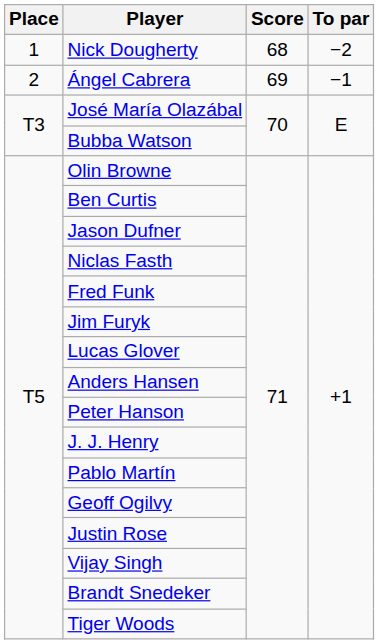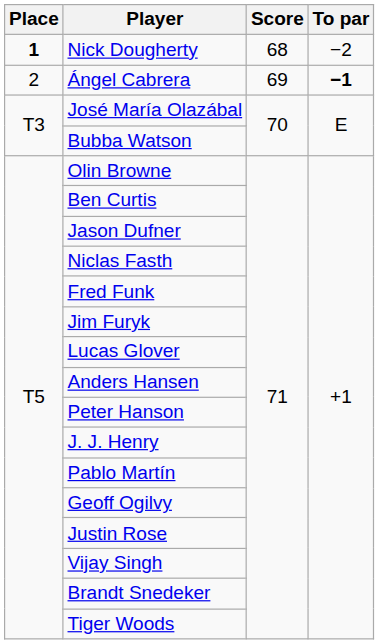 <table class="wikitable">
 <tr>
 <th>Place</th>
 <th>Player</th>
 <th>Score</th>
 <th>To par</th>
 </tr>
 <tr>
-<td align=center>1</td>
+<td align=center><strong>1</strong></td>
 <td> <a href='#'>Nick Dougherty</a></td>
 <td align=center>68</td>
 <td align=center>−2</td>
 </tr>
 <tr>
 <td align=center>2</td>
 <td> <a href='#'>Ángel Cabrera</a></td>
 <td align=center>69</td>
-<td align=center>−1</td>
+<td align=center><strong>−1</strong></td>
 </tr>
 <tr>
 <td rowspan="2" align=center>T3</td>
 <td> <a href='#'>José María Olazábal</a></td>
 <td rowspan="2" align=center>70</td>
 <td rowspan="2" align=center>E</td>
 </tr>
 <tr>
 <td> <a href='#'>Bubba Watson</a></td>
 </tr>
 <tr>
 <td rowspan="16" align=center>T5</td>
 <td> <a href='#'>Olin Browne</a></td>
 <td rowspan="16" align=center>71</td>
 <td rowspan="16" align=center>+1</td>
 </tr>
 <tr>
 <td> <a href='#'>Ben Curtis</a></td>
 </tr>
 <tr>
 <td> <a href='#'>Jason Dufner</a></td>
 </tr>
 <tr>
 <td> <a href='#'>Niclas Fasth</a></td>
 </tr>
 <tr>
 <td> <a href='#'>Fred Funk</a></td>
 </tr>
 <tr>
 <td> <a href='#'>Jim Furyk</a></td>
 </tr>
 <tr>
 <td> <a href='#'>Lucas Glover</a></td>
 </tr>
 <tr>
 <td> <a href='#'>Anders Hansen</a></td>
 </tr>
 <tr>
 <td> <a href='#'>Peter Hanson</a></td>
 </tr>
 <tr>
 <td> <a href='#'>J. J. Henry</a></td>
 </tr>
 <tr>
 <td> <a href='#'>Pablo Martín</a></td>
 </tr>
 <tr>
 <td> <a href='#'>Geoff Ogilvy</a></td>
 </tr>
 <tr>
 <td> <a href='#'>Justin Rose</a></td>
 </tr>
 <tr>
 <td> <a href='#'>Vijay Singh</a></td>
 </tr>
 <tr>
 <td> <a href='#'>Brandt Snedeker</a></td>
 </tr>
 <tr>
 <td> <a href='#'>Tiger Woods</a></td>
 </tr>
 </table>
